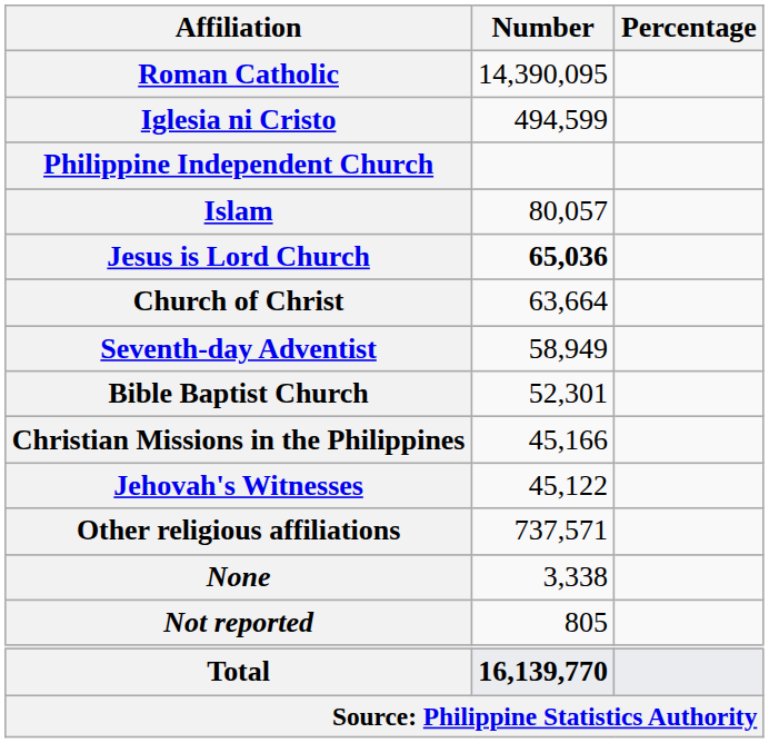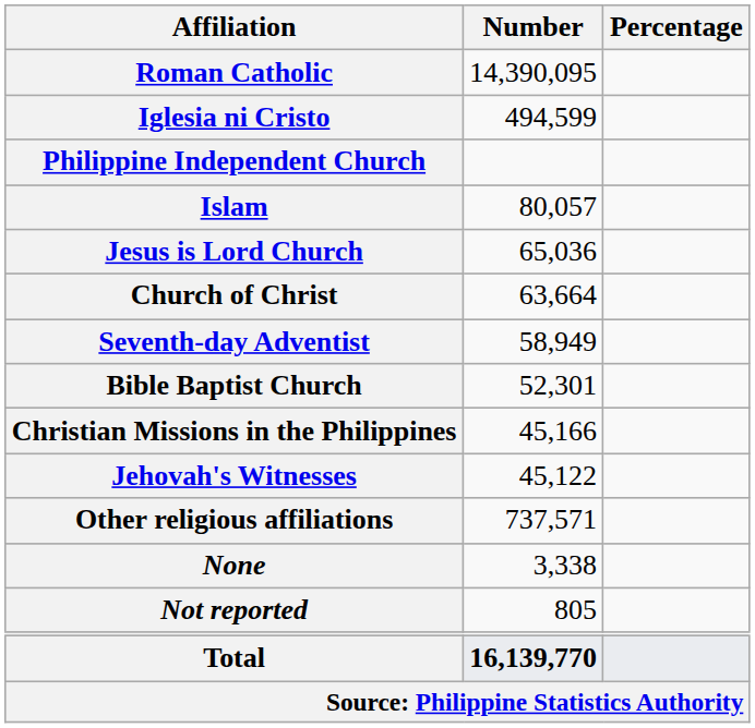 <table class="wikitable sortable plainrowheaders mw-datatable" style="text-align:right;">
 <tr>
 <th scope="col">Affiliation</th>
 <th scope="col">Number</th>
 <th scope="col">Percentage</th>
 </tr>
 <tr>
 <th scope="row"><a href='#'>Roman Catholic</a></th>
 <td>14,390,095</td>
 <td></td>
 </tr>
 <tr>
 <th scope="row"><a href='#'>Iglesia ni Cristo</a></th>
 <td>494,599</td>
 <td></td>
 </tr>
 <tr>
 <th scope="row"><a href='#'>Philippine Independent Church</a></th>
 <td></td>
 <td></td>
 </tr>
 <tr>
 <th scope="row"><a href='#'>Islam</a></th>
 <td>80,057</td>
 <td></td>
 </tr>
 <tr>
 <th scope="row"><a href='#'>Jesus is Lord Church</a></th>
-<td><strong>65,036</strong></td>
+<td>65,036</td>
 <td></td>
 </tr>
 <tr>
 <th scope="row">Church of Christ</th>
 <td>63,664</td>
 <td></td>
 </tr>
 <tr>
 <th scope="row"><a href='#'>Seventh-day Adventist</a></th>
 <td>58,949</td>
 <td></td>
 </tr>
 <tr>
 <th scope="row">Bible Baptist Church</th>
 <td>52,301</td>
 <td></td>
 </tr>
 <tr>
 <th scope="row">Christian Missions in the Philippines</th>
 <td>45,166</td>
 <td></td>
 </tr>
 <tr>
 <th scope="row"><a href='#'>Jehovah's Witnesses</a></th>
 <td>45,122</td>
 <td></td>
 </tr>
 <tr>
 <th scope="row">Other religious affiliations</th>
 <td>737,571</td>
 <td></td>
 </tr>
 <tr>
 <th scope="row"><em>None</em></th>
 <td>3,338</td>
 <td></td>
 </tr>
 <tr>
 <th scope="row"><em>Not reported</em></th>
 <td>805</td>
 <td></td>
 </tr>
 <tr class="sortbottom" style="font-weight:700; border-top-style:double;">
 <th scope="row" style="font-weight:700;">Total</th>
 <td style="background-color:#eaecf0;">16,139,770</td>
 <td style="background-color:#eaecf0;"></td>
 </tr>
 <tr class="sortbottom" style="font-size:90%;">
 <th scope="row" colspan="5" style="text-align:right;">Source: <a href='#'>Philippine Statistics Authority</a></th>
 </tr>
 </table>
